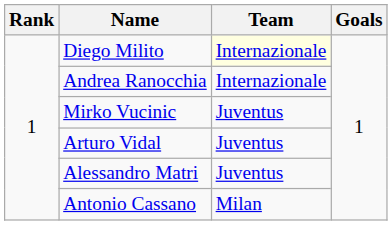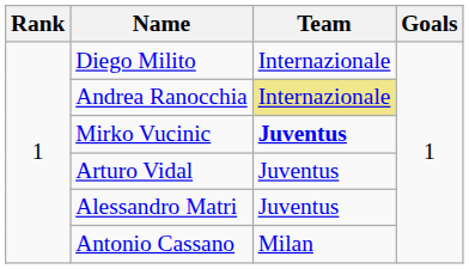 <table class="wikitable" style="text-align: center;">
 <tr>
 <th>Rank</th>
 <th>Name</th>
 <th>Team</th>
 <th>Goals</th>
 </tr>
 <tr>
 <td rowspan=6>1</td>
 <td align="left"> <a href='#'>Diego Milito</a></td>
-<td align="left" style="background: lightyellow;"> <a href='#'>Internazionale</a></td>
+<td align="left"> <a href='#'>Internazionale</a></td>
 <td rowspan="6">1</td>
 </tr>
 <tr>
 <td align="left"> <a href='#'>Andrea Ranocchia</a></td>
-<td align="left"> <a href='#'>Internazionale</a></td>
+<td align="left" style="background: khaki;"> <a href='#'>Internazionale</a></td>
 </tr>
 <tr>
 <td align="left"> <a href='#'>Mirko Vucinic</a></td>
-<td align="left"> <a href='#'>Juventus</a></td>
+<td align="left"><strong> <a href='#'>Juventus</a></strong></td>
 </tr>
 <tr>
 <td align="left"> <a href='#'>Arturo Vidal</a></td>
 <td align="left"> <a href='#'>Juventus</a></td>
 </tr>
 <tr>
 <td align="left"> <a href='#'>Alessandro Matri</a></td>
 <td align="left"> <a href='#'>Juventus</a></td>
 </tr>
 <tr>
 <td align="left"> <a href='#'>Antonio Cassano</a></td>
 <td align="left"> <a href='#'>Milan</a></td>
 </tr>
 </table>
